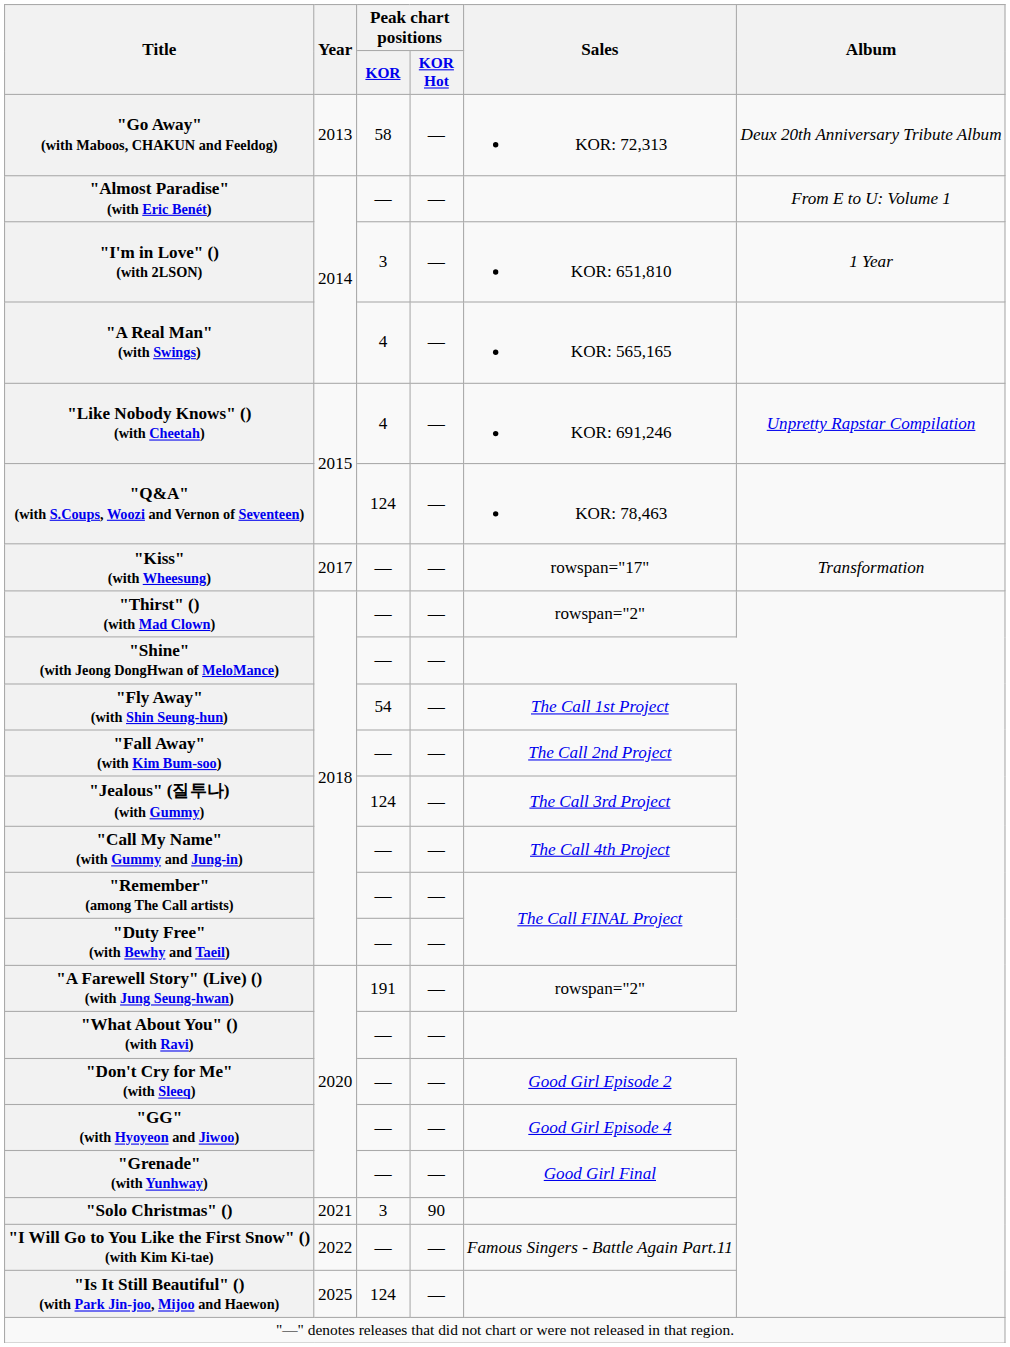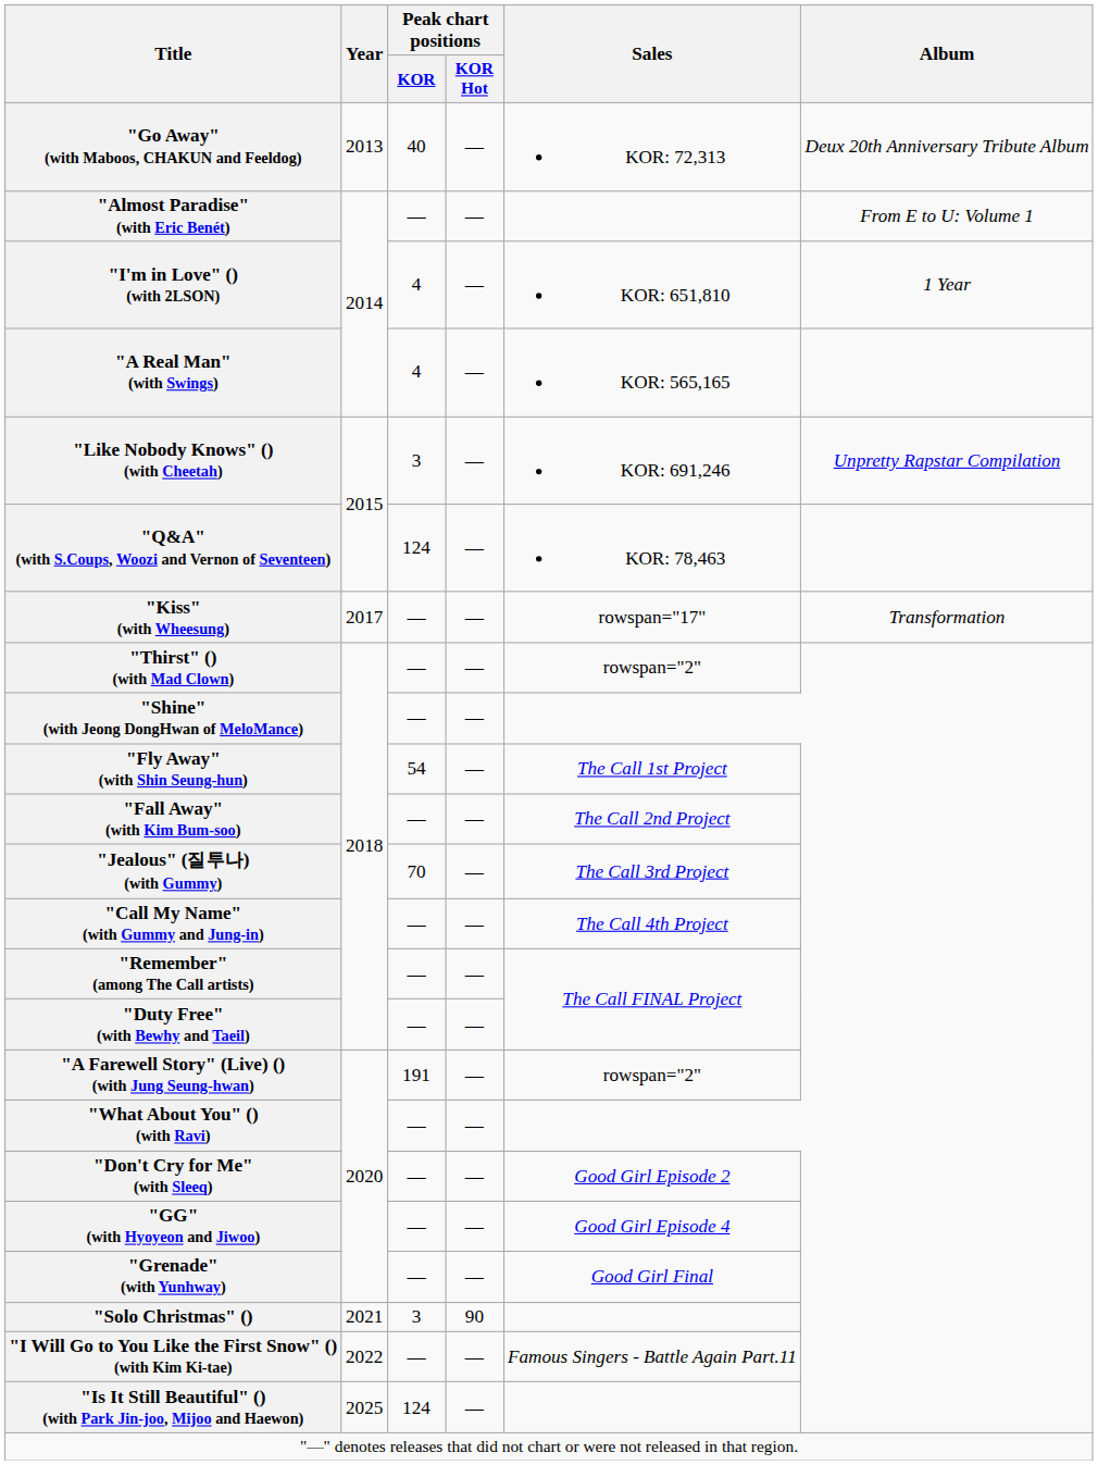 <table class="wikitable plainrowheaders" style="text-align:center;">
 <tr>
 <th scope="col" rowspan="2">Title</th>
 <th scope="col" rowspan="2">Year</th>
 <th scope="col" colspan="2">Peak chart positions</th>
 <th scope="col" rowspan="2">Sales</th>
 <th scope="col" rowspan="2">Album</th>
 </tr>
 <tr>
 <th style="width:3em;font-size:90%;"><a href='#'>KOR</a><br></th>
 <th style="width:3em;font-size:90%;"><a href='#'>KOR Hot</a><br></th>
 </tr>
 <tr>
 <th scope="row">"Go Away"<br><small>(with Maboos, CHAKUN and Feeldog)</small></th>
 <td>2013</td>
-<td>58</td>
+<td>40</td>
 <td>—</td>
 <td><br><ul><li>KOR: 72,313</li></ul></td>
 <td><em>Deux 20th Anniversary Tribute Album</em></td>
 </tr>
 <tr>
 <th scope="row">"Almost Paradise"<br><small>(with <a href='#'>Eric Benét</a>)</small></th>
 <td rowspan="3">2014</td>
 <td>—</td>
 <td>—</td>
 <td></td>
 <td><em>From E to U: Volume 1</em></td>
 </tr>
 <tr>
 <th scope="row">"I'm in Love" ()<br><small>(with 2LSON)</small></th>
-<td>3</td>
+<td>4</td>
 <td>—</td>
 <td><br><ul><li>KOR: 651,810</li></ul></td>
 <td><em>1 Year</em></td>
 </tr>
 <tr>
 <th scope="row">"A Real Man"<br><small>(with <a href='#'>Swings</a>)</small></th>
 <td>4</td>
 <td>—</td>
 <td><br><ul><li>KOR: 565,165</li></ul></td>
 <td></td>
 </tr>
 <tr>
 <th scope="row">"Like Nobody Knows" ()<br><small>(with <a href='#'>Cheetah</a>)</small></th>
 <td rowspan="2">2015</td>
-<td>4</td>
+<td>3</td>
 <td>—</td>
 <td><br><ul><li>KOR: 691,246</li></ul></td>
 <td><em><a href='#'>Unpretty Rapstar Compilation</a></em></td>
 </tr>
 <tr>
 <th scope="row">"Q&A"<br><small>(with <a href='#'>S.Coups</a>, <a href='#'>Woozi</a> and Vernon of <a href='#'>Seventeen</a>)</small></th>
 <td>124</td>
 <td>—</td>
 <td><br><ul><li>KOR: 78,463</li></ul></td>
 <td></td>
 </tr>
 <tr>
 <th scope="row">"Kiss"<br><small>(with <a href='#'>Wheesung</a>)</small></th>
 <td>2017</td>
 <td>—</td>
 <td>—</td>
 <td>rowspan="17" </td>
 <td><em>Transformation</em></td>
 </tr>
 <tr>
 <th scope="row">"Thirst" ()<br><small>(with <a href='#'>Mad Clown</a>)</small></th>
 <td rowspan="8">2018</td>
 <td>—</td>
 <td>—</td>
 <td>rowspan="2" </td>
 </tr>
 <tr>
 <th scope="row">"Shine"<br><small>(with Jeong DongHwan of <a href='#'>MeloMance</a>)</small></th>
 <td>—</td>
 <td>—</td>
 </tr>
 <tr>
 <th scope="row">"Fly Away"<br><small>(with <a href='#'>Shin Seung-hun</a>)</small></th>
 <td>54</td>
 <td>—</td>
 <td><em><a href='#'>The Call 1st Project</a></em></td>
 </tr>
 <tr>
 <th scope="row">"Fall Away"<br><small>(with <a href='#'>Kim Bum-soo</a>)</small></th>
 <td>—</td>
 <td>—</td>
 <td><em><a href='#'>The Call 2nd Project</a></em></td>
 </tr>
 <tr>
 <th scope="row">"Jealous" (질투나)<br><small>(with <a href='#'>Gummy</a>)</small></th>
-<td>124</td>
+<td>70</td>
 <td>—</td>
 <td><em><a href='#'>The Call 3rd Project</a></em></td>
 </tr>
 <tr>
 <th scope="row">"Call My Name"<br><small>(with <a href='#'>Gummy</a> and <a href='#'>Jung-in</a>)</small></th>
 <td>—</td>
 <td>—</td>
 <td><em><a href='#'>The Call 4th Project</a></em></td>
 </tr>
 <tr>
 <th scope="row">"Remember"<br><small>(among The Call artists)</small></th>
 <td>—</td>
 <td>—</td>
 <td rowspan="2"><em><a href='#'>The Call FINAL Project</a></em></td>
 </tr>
 <tr>
 <th scope="row">"Duty Free"<br><small>(with <a href='#'>Bewhy</a> and <a href='#'>Taeil</a>)</small></th>
 <td>—</td>
 <td>—</td>
 </tr>
 <tr>
 <th scope="row">"A Farewell Story" (Live) ()<br><small>(with <a href='#'>Jung Seung-hwan</a>)</small></th>
 <td rowspan="5">2020</td>
 <td>191</td>
 <td>—</td>
 <td>rowspan="2" </td>
 </tr>
 <tr>
 <th scope="row">"What About You" ()<br><small>(with <a href='#'>Ravi</a>)</small></th>
 <td>—</td>
 <td>—</td>
 </tr>
 <tr>
 <th scope="row">"Don't Cry for Me"<br><small>(with <a href='#'>Sleeq</a>)</small></th>
 <td>—</td>
 <td>—</td>
 <td><em><a href='#'>Good Girl Episode 2</a></em></td>
 </tr>
 <tr>
 <th scope="row">"GG"<br><small>(with <a href='#'>Hyoyeon</a> and <a href='#'>Jiwoo</a>)</small></th>
 <td>—</td>
 <td>—</td>
 <td><em><a href='#'>Good Girl Episode 4</a></em></td>
 </tr>
 <tr>
 <th scope="row">"Grenade"<br><small>(with <a href='#'>Yunhway</a>)</small></th>
 <td>—</td>
 <td>—</td>
 <td><em><a href='#'>Good Girl Final</a></em></td>
 </tr>
 <tr>
 <th scope="row">"Solo Christmas" ()<br></th>
 <td>2021</td>
 <td>3</td>
 <td>90</td>
 <td></td>
 </tr>
 <tr>
 <th scope="row">"I Will Go to You Like the First Snow" ()<br><small>(with Kim Ki-tae)</small></th>
 <td>2022</td>
 <td>—</td>
 <td>—</td>
 <td><em>Famous Singers - Battle Again Part.11</em></td>
 </tr>
 <tr>
 <th scope="row">"Is It Still Beautiful" ()<br><small>(with <a href='#'>Park Jin-joo</a>, <a href='#'>Mijoo</a> and Haewon)</small></th>
 <td>2025</td>
 <td>124</td>
 <td>—</td>
 <td></td>
 </tr>
 <tr>
 <td colspan="6" style="font-size:90%">"—" denotes releases that did not chart or were not released in that region.</td>
 </tr>
 </table>
